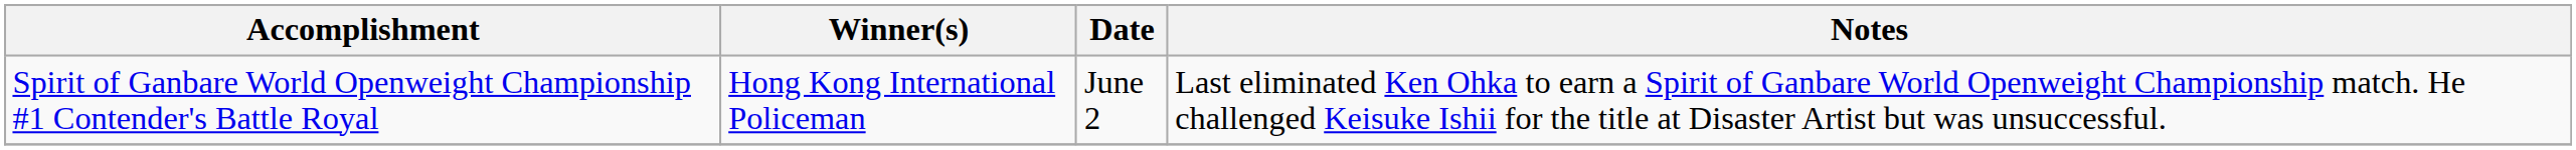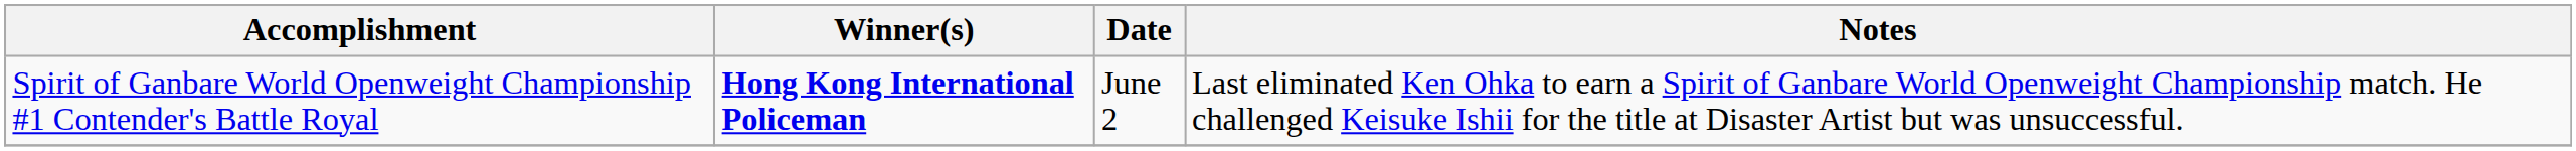 <table class="wikitable" style="width:100%;">
 <tr>
 <th>Accomplishment</th>
 <th>Winner(s)</th>
 <th>Date</th>
 <th>Notes</th>
 </tr>
 <tr>
 <td><a href='#'>Spirit of Ganbare World Openweight Championship #1 Contender's Battle Royal</a></td>
-<td><a href='#'>Hong Kong International Policeman</a></td>
+<td><strong><a href='#'>Hong Kong International Policeman</a></strong></td>
 <td>June 2</td>
 <td>Last eliminated <a href='#'>Ken Ohka</a> to earn a <a href='#'>Spirit of Ganbare World Openweight Championship</a> match. He challenged <a href='#'>Keisuke Ishii</a> for the title at Disaster Artist but was unsuccessful.</td>
 </tr>
 <tr>
 </tr>
 </table>
